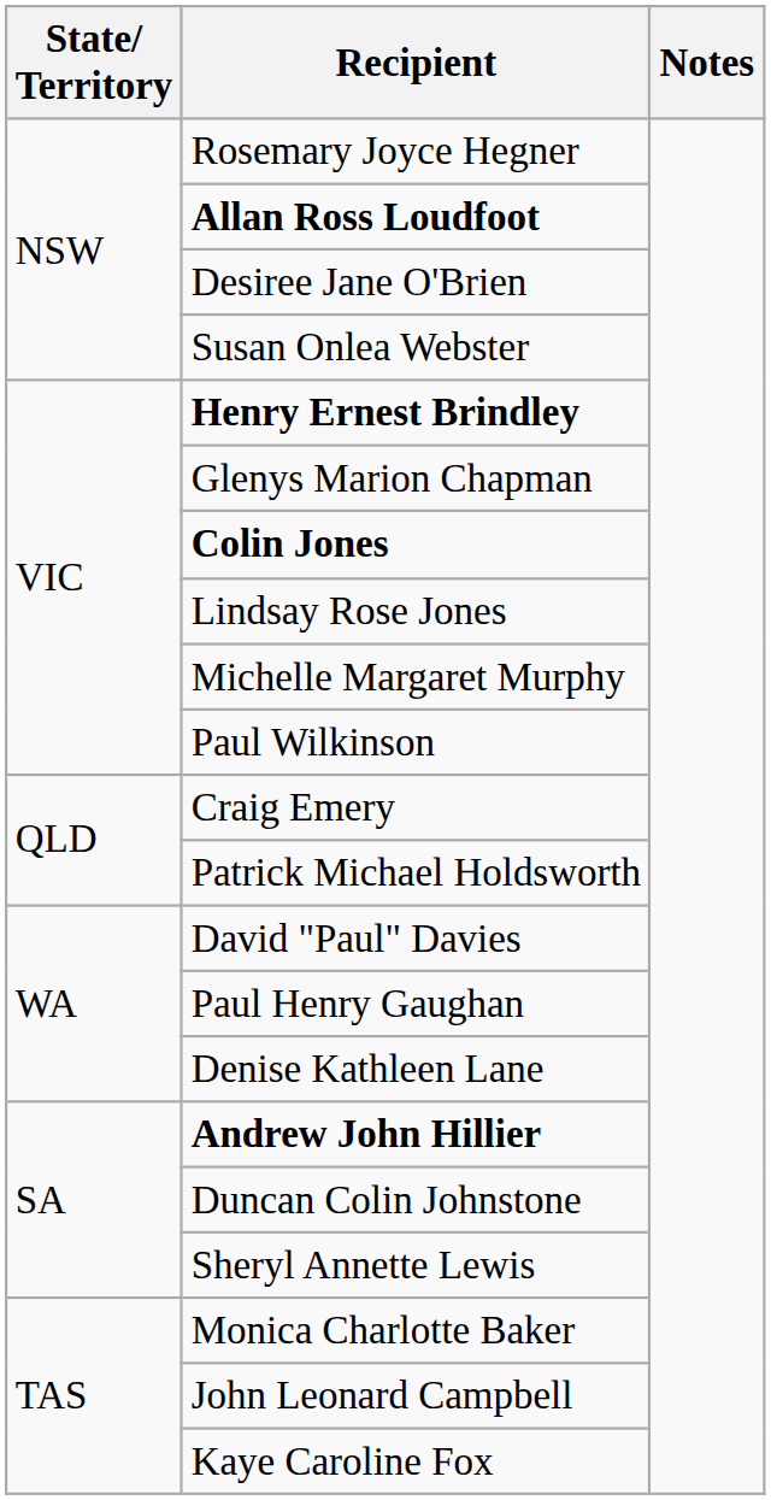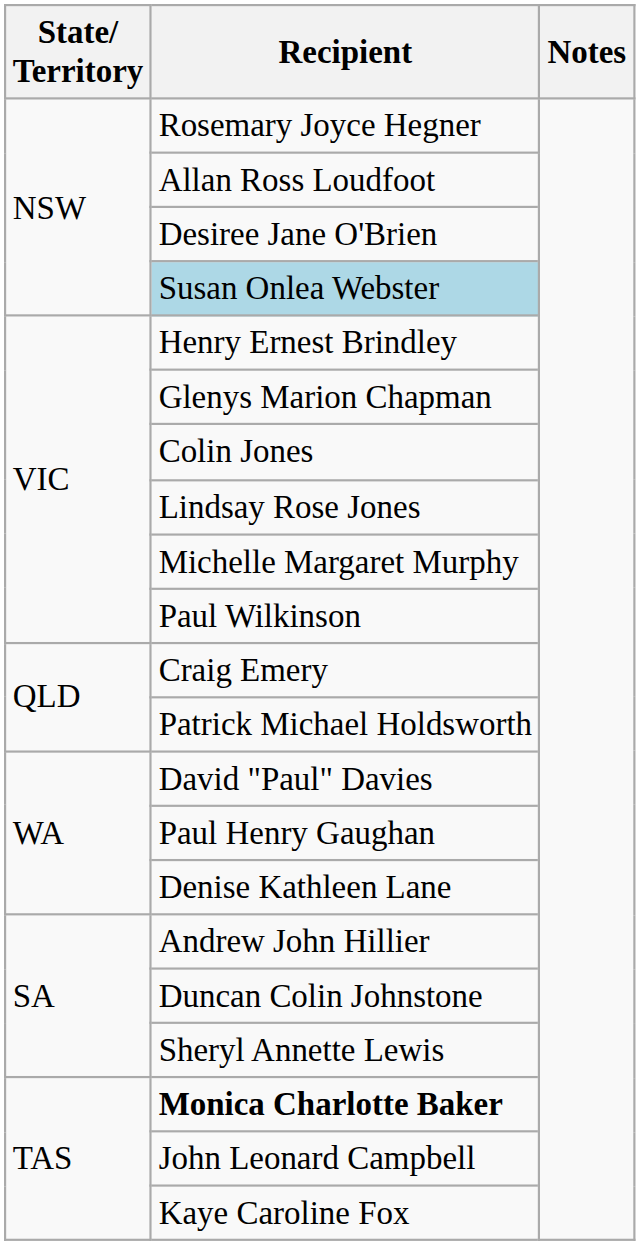 <table class="wikitable" style="font-size:95%;">
 <tr>
 <th>State/<br>Territory</th>
 <th>Recipient</th>
 <th>Notes</th>
 </tr>
 <tr>
 <td rowspan=4>NSW</td>
 <td>Rosemary Joyce Hegner</td>
 <td rowspan=21></td>
 </tr>
 <tr>
-<td><strong>Allan Ross Loudfoot</strong></td>
+<td>Allan Ross Loudfoot</td>
 </tr>
 <tr>
 <td>Desiree Jane O'Brien</td>
 </tr>
 <tr>
-<td>Susan Onlea Webster</td>
+<td style="background: lightblue;">Susan Onlea Webster</td>
 </tr>
 <tr>
 <td rowspan=6>VIC</td>
-<td><strong>Henry Ernest Brindley</strong></td>
+<td>Henry Ernest Brindley</td>
 </tr>
 <tr>
 <td>Glenys Marion Chapman</td>
 </tr>
 <tr>
-<td><strong>Colin Jones</strong></td>
+<td>Colin Jones</td>
 </tr>
 <tr>
 <td>Lindsay Rose Jones</td>
 </tr>
 <tr>
 <td>Michelle Margaret Murphy</td>
 </tr>
 <tr>
 <td>Paul Wilkinson</td>
 </tr>
 <tr>
 <td rowspan=2>QLD</td>
 <td>Craig Emery</td>
 </tr>
 <tr>
 <td>Patrick Michael Holdsworth</td>
 </tr>
 <tr>
 <td rowspan=3>WA</td>
 <td>David "Paul" Davies</td>
 </tr>
 <tr>
 <td>Paul Henry Gaughan</td>
 </tr>
 <tr>
 <td>Denise Kathleen Lane</td>
 </tr>
 <tr>
 <td rowspan=3>SA</td>
-<td><strong>Andrew John Hillier</strong></td>
+<td>Andrew John Hillier</td>
 </tr>
 <tr>
 <td>Duncan Colin Johnstone</td>
 </tr>
 <tr>
 <td>Sheryl Annette Lewis</td>
 </tr>
 <tr>
 <td rowspan=3>TAS</td>
-<td>Monica Charlotte Baker</td>
+<td><strong>Monica Charlotte Baker</strong></td>
 </tr>
 <tr>
 <td>John Leonard Campbell </td>
 </tr>
 <tr>
 <td>Kaye Caroline Fox</td>
 </tr>
 </table>
